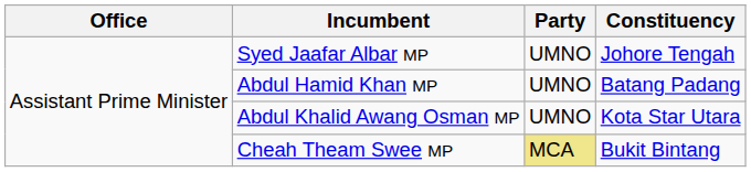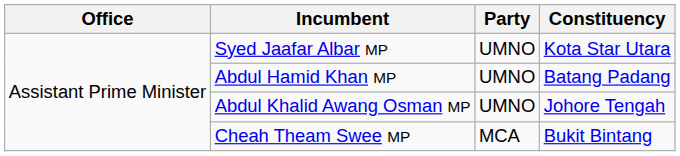 <table class="sortable wikitable">
 <tr>
 <th>Office</th>
 <th>Incumbent</th>
 <th>Party</th>
 <th>Constituency</th>
 </tr>
 <tr>
 <td rowspan=4>Assistant Prime Minister</td>
 <td><a href='#'>Syed Jaafar Albar</a> <small>MP</small></td>
 <td>UMNO</td>
-<td><a href='#'>Johore Tengah</a></td>
+<td><a href='#'>Kota Star Utara</a></td>
 </tr>
 <tr>
 <td><a href='#'>Abdul Hamid Khan</a> <small>MP</small></td>
 <td>UMNO</td>
 <td><a href='#'>Batang Padang</a></td>
 </tr>
 <tr>
 <td><a href='#'>Abdul Khalid Awang Osman</a> <small>MP</small></td>
 <td>UMNO</td>
-<td><a href='#'>Kota Star Utara</a></td>
+<td><a href='#'>Johore Tengah</a></td>
 </tr>
 <tr>
 <td><a href='#'>Cheah Theam Swee</a> <small>MP</small></td>
-<td style="background: khaki;">MCA</td>
+<td>MCA</td>
 <td><a href='#'>Bukit Bintang</a></td>
 </tr>
 </table>
